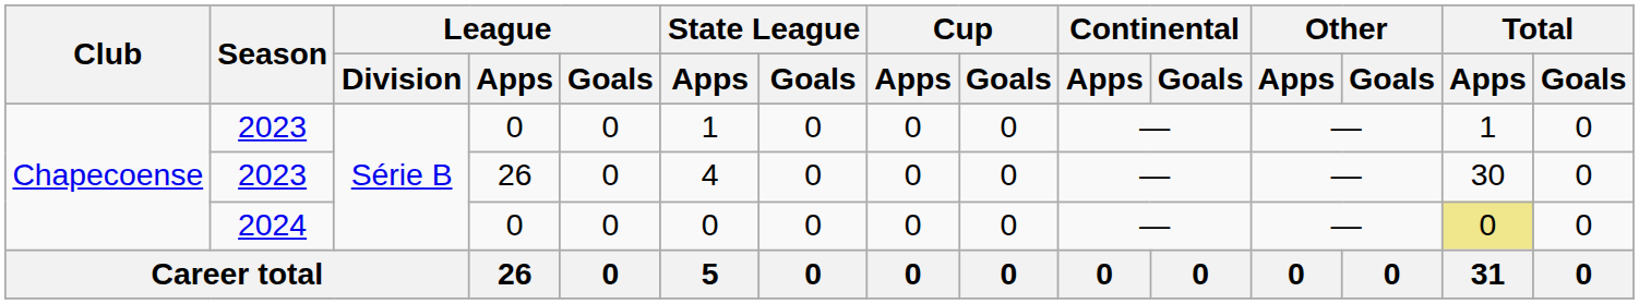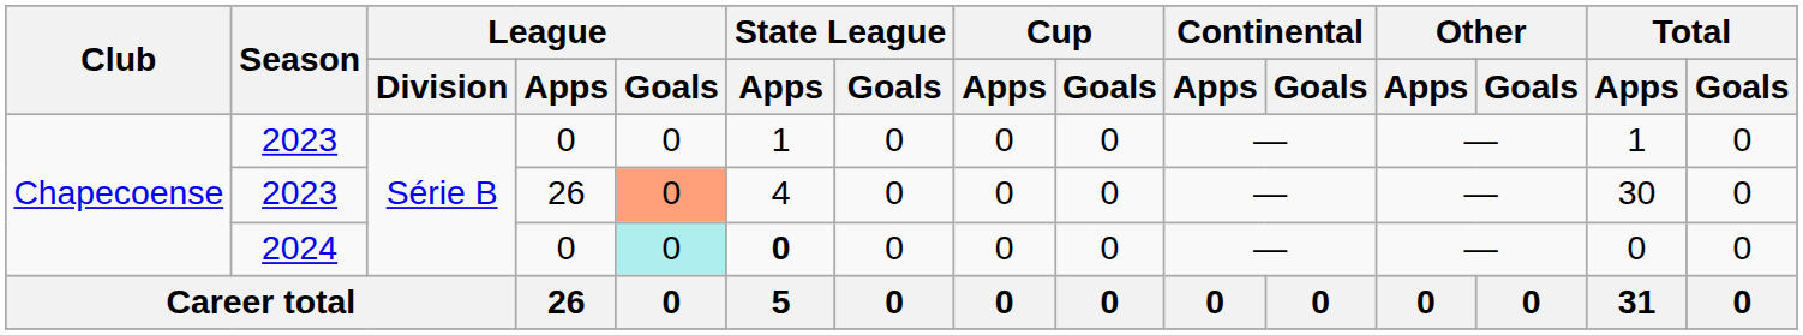 <table class="wikitable" style="text-align: center;">
 <tr>
 <th rowspan="2">Club</th>
 <th rowspan="2">Season</th>
 <th colspan="3">League</th>
 <th colspan="2">State League</th>
 <th colspan="2">Cup</th>
 <th colspan="2">Continental</th>
 <th colspan="2">Other</th>
 <th colspan="2">Total</th>
 </tr>
 <tr>
 <th>Division</th>
 <th>Apps</th>
 <th>Goals</th>
 <th>Apps</th>
 <th>Goals</th>
 <th>Apps</th>
 <th>Goals</th>
 <th>Apps</th>
 <th>Goals</th>
 <th>Apps</th>
 <th>Goals</th>
 <th>Apps</th>
 <th>Goals</th>
 </tr>
 <tr>
 <td rowspan="3"><a href='#'>Chapecoense</a></td>
 <td><a href='#'>2023</a></td>
 <td rowspan="3"><a href='#'>Série B</a></td>
 <td>0</td>
 <td>0</td>
 <td>1</td>
 <td>0</td>
 <td>0</td>
 <td>0</td>
 <td colspan="2">—</td>
 <td colspan="2">—</td>
 <td>1</td>
 <td>0</td>
 </tr>
 <tr>
 <td><a href='#'>2023</a></td>
 <td>26</td>
-<td>0</td>
+<td style="background: lightsalmon;">0</td>
 <td>4</td>
 <td>0</td>
 <td>0</td>
 <td>0</td>
 <td colspan="2">—</td>
 <td colspan="2">—</td>
 <td>30</td>
 <td>0</td>
 </tr>
 <tr>
 <td><a href='#'>2024</a></td>
 <td>0</td>
-<td>0</td>
-<td>0</td>
+<td style="background: paleturquoise;">0</td>
+<td><strong>0</strong></td>
 <td>0</td>
 <td>0</td>
 <td>0</td>
 <td colspan="2">—</td>
 <td colspan="2">—</td>
-<td style="background: khaki;">0</td>
+<td>0</td>
 <td>0</td>
 </tr>
 <tr>
 <th colspan="3">Career total</th>
 <th>26</th>
 <th>0</th>
 <th>5</th>
 <th>0</th>
 <th>0</th>
 <th>0</th>
 <th>0</th>
 <th>0</th>
 <th>0</th>
 <th>0</th>
 <th>31</th>
 <th>0</th>
 </tr>
 </table>
